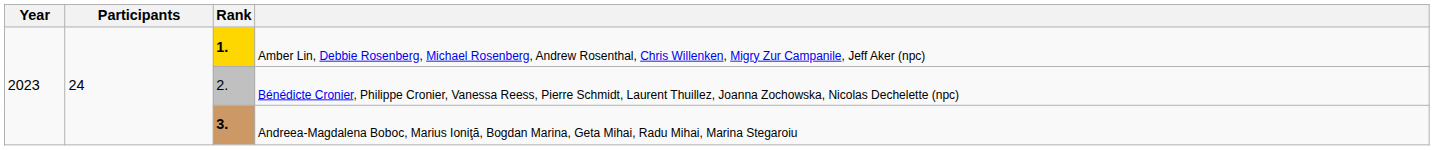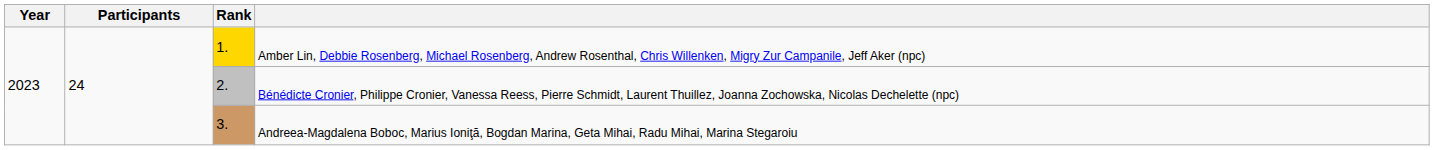 <table class="wikitable" style="width:100%;">
 <tr>
 <th>Year</th>
 <th>Participants</th>
 <th>Rank</th>
 <th></th>
 </tr>
 <tr>
 <td width=60 rowspan=3>2023  </td>
 <td rowspan=3>24</td>
-<td style="background:gold; width:30px;"><strong>1.</strong></td>
+<td style="background:gold; width:30px;">1.</td>
 <td> <br><small>Amber Lin, <a href='#'>Debbie Rosenberg</a>, <a href='#'>Michael Rosenberg</a>, Andrew Rosenthal, <a href='#'>Chris Willenken</a>, <a href='#'>Migry Zur Campanile</a>, Jeff Aker (npc)</small></td>
 </tr>
 <tr>
 <td style="background:silver;">2.</td>
 <td> <br><small><a href='#'>Bénédicte Cronier</a>, Philippe Cronier, Vanessa Reess, Pierre Schmidt, Laurent Thuillez, Joanna Zochowska, Nicolas Dechelette (npc)</small></td>
 </tr>
 <tr>
-<td style="background:#c96;"><strong>3.</strong></td>
+<td style="background:#c96;">3.</td>
 <td> <br><small>Andreea-Magdalena Boboc, Marius Ioniţă, Bogdan Marina, Geta Mihai, Radu Mihai, Marina Stegaroiu</small></td>
 </tr>
 </table>
